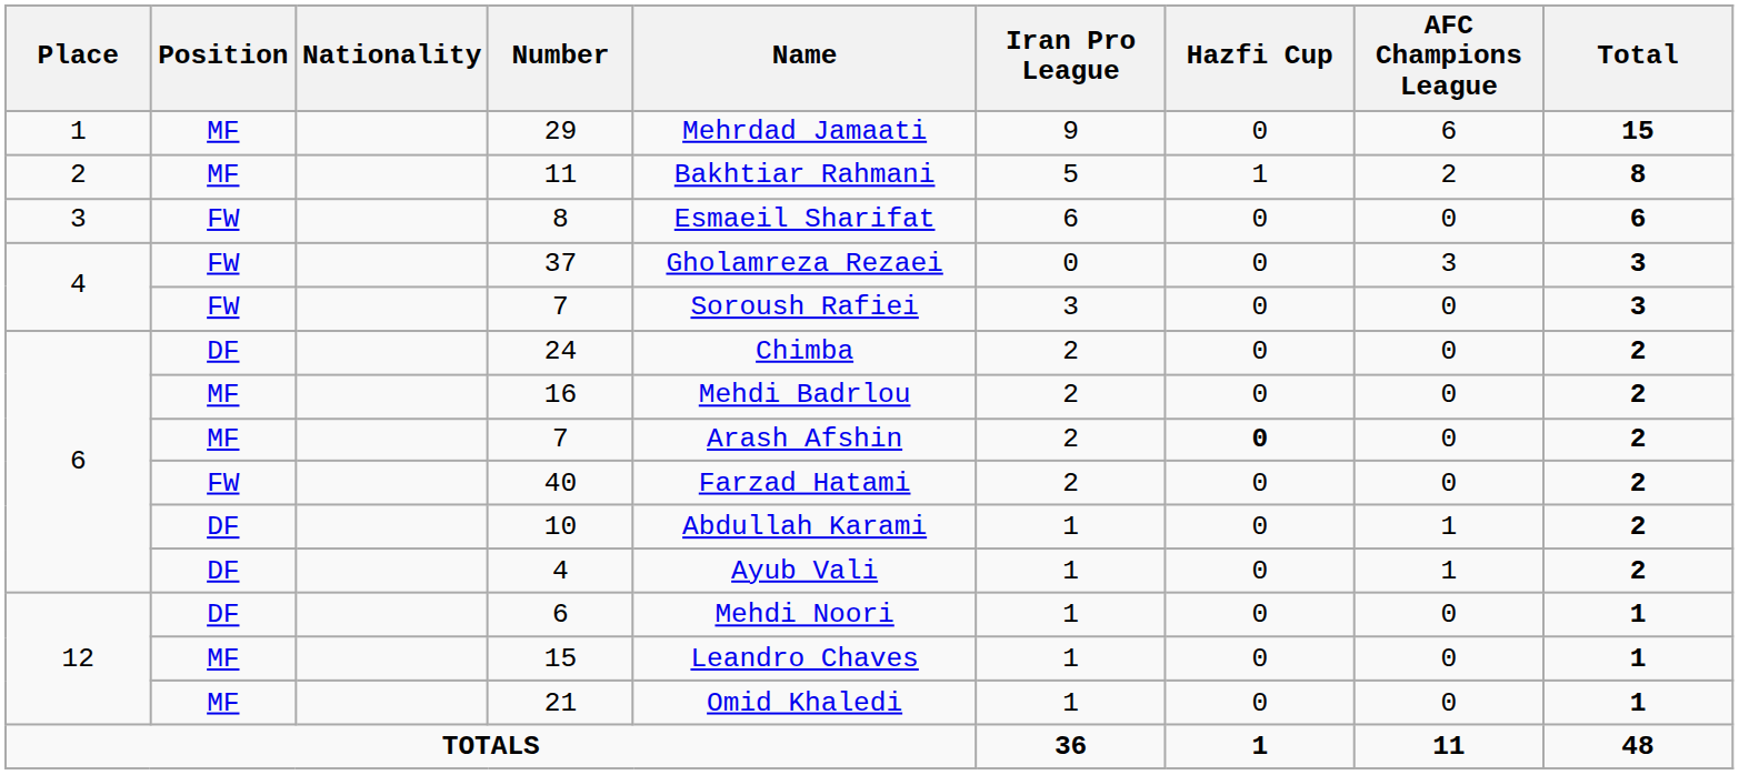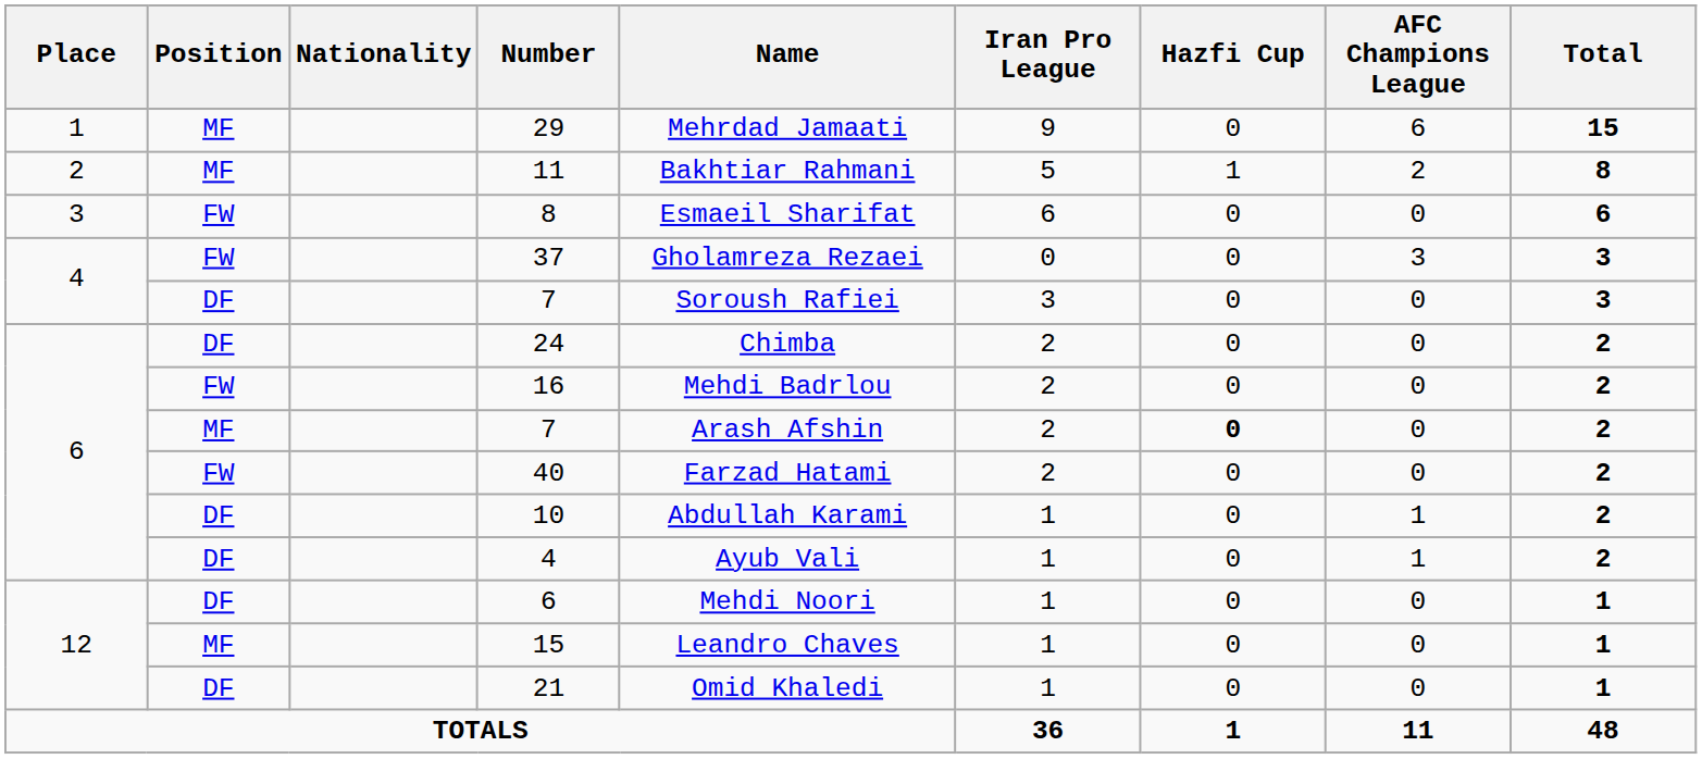 <table class="wikitable" style="font-size: 95%; text-align: center;">
 <tr>
 <th width=60>Place</th>
 <th width=60>Position</th>
 <th width=60>Nationality</th>
 <th width=60>Number</th>
 <th width=150>Name</th>
 <th width=80>Iran Pro League</th>
 <th width=80>Hazfi Cup</th>
 <th width=80>AFC Champions League</th>
 <th width=80><strong>Total</strong></th>
 </tr>
 <tr>
 <td rowspan="1">1</td>
 <td><a href='#'>MF</a></td>
 <td></td>
 <td>29</td>
 <td><a href='#'>Mehrdad Jamaati</a></td>
 <td>9</td>
 <td>0</td>
 <td>6</td>
 <td><strong>15</strong></td>
 </tr>
 <tr>
 <td rowspan="1">2</td>
 <td><a href='#'>MF</a></td>
 <td></td>
 <td>11</td>
 <td><a href='#'>Bakhtiar Rahmani</a></td>
 <td>5</td>
 <td>1</td>
 <td>2</td>
 <td><strong>8</strong></td>
 </tr>
 <tr>
 <td rowspan="1">3</td>
 <td><a href='#'>FW</a></td>
 <td></td>
 <td>8</td>
 <td><a href='#'>Esmaeil Sharifat</a></td>
 <td>6</td>
 <td>0</td>
 <td>0</td>
 <td><strong>6</strong></td>
 </tr>
 <tr>
 <td rowspan="2">4</td>
 <td><a href='#'>FW</a></td>
 <td></td>
 <td>37</td>
 <td><a href='#'>Gholamreza Rezaei</a></td>
 <td>0</td>
 <td>0</td>
 <td>3</td>
 <td><strong>3</strong></td>
 </tr>
 <tr>
-<td><a href='#'>FW</a></td>
+<td><a href='#'>DF</a></td>
 <td></td>
 <td>7</td>
 <td><a href='#'>Soroush Rafiei</a></td>
 <td>3</td>
 <td>0</td>
 <td>0</td>
 <td><strong>3</strong></td>
 </tr>
 <tr>
 <td rowspan="6">6</td>
 <td><a href='#'>DF</a></td>
 <td></td>
 <td>24</td>
 <td><a href='#'>Chimba</a></td>
 <td>2</td>
 <td>0</td>
 <td>0</td>
 <td><strong>2</strong></td>
 </tr>
 <tr>
-<td><a href='#'>MF</a></td>
+<td><a href='#'>FW</a></td>
 <td></td>
 <td>16</td>
 <td><a href='#'>Mehdi Badrlou</a></td>
 <td>2</td>
 <td>0</td>
 <td>0</td>
 <td><strong>2</strong></td>
 </tr>
 <tr>
 <td><a href='#'>MF</a></td>
 <td></td>
 <td>7</td>
 <td><a href='#'>Arash Afshin</a></td>
 <td>2</td>
 <td><strong>0</strong></td>
 <td>0</td>
 <td><strong>2</strong></td>
 </tr>
 <tr>
 <td><a href='#'>FW</a></td>
 <td></td>
 <td>40</td>
 <td><a href='#'>Farzad Hatami</a></td>
 <td>2</td>
 <td>0</td>
 <td>0</td>
 <td><strong>2</strong></td>
 </tr>
 <tr>
 <td><a href='#'>DF</a></td>
 <td></td>
 <td>10</td>
 <td><a href='#'>Abdullah Karami</a></td>
 <td>1</td>
 <td>0</td>
 <td>1</td>
 <td><strong>2</strong></td>
 </tr>
 <tr>
 <td><a href='#'>DF</a></td>
 <td></td>
 <td>4</td>
 <td><a href='#'>Ayub Vali</a></td>
 <td>1</td>
 <td>0</td>
 <td>1</td>
 <td><strong>2</strong></td>
 </tr>
 <tr>
 <td rowspan="3">12</td>
 <td><a href='#'>DF</a></td>
 <td></td>
 <td>6</td>
 <td><a href='#'>Mehdi Noori</a></td>
 <td>1</td>
 <td>0</td>
 <td>0</td>
 <td><strong>1</strong></td>
 </tr>
 <tr>
 <td><a href='#'>MF</a></td>
 <td></td>
 <td>15</td>
 <td><a href='#'>Leandro Chaves</a></td>
 <td>1</td>
 <td>0</td>
 <td>0</td>
 <td><strong>1</strong></td>
 </tr>
 <tr>
-<td><a href='#'>MF</a></td>
+<td><a href='#'>DF</a></td>
 <td></td>
 <td>21</td>
 <td><a href='#'>Omid Khaledi</a></td>
 <td>1</td>
 <td>0</td>
 <td>0</td>
 <td><strong>1</strong></td>
 </tr>
 <tr>
 <td colspan="5"><strong>TOTALS</strong></td>
 <td><strong>36</strong></td>
 <td><strong>1</strong></td>
 <td><strong>11</strong></td>
 <td><strong>48</strong></td>
 </tr>
 </table>
